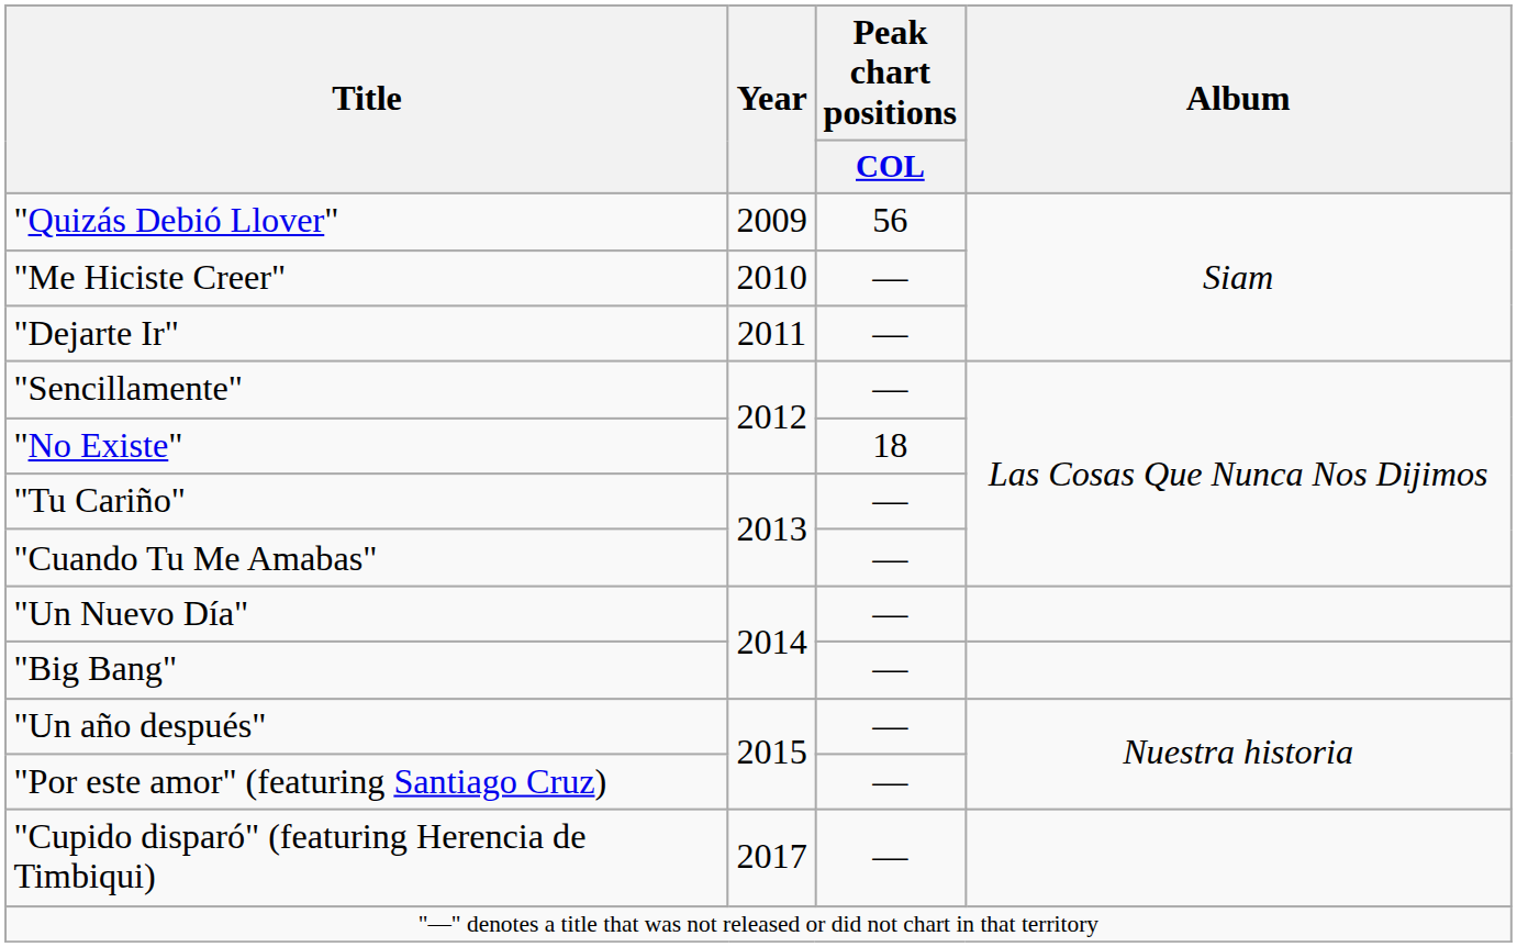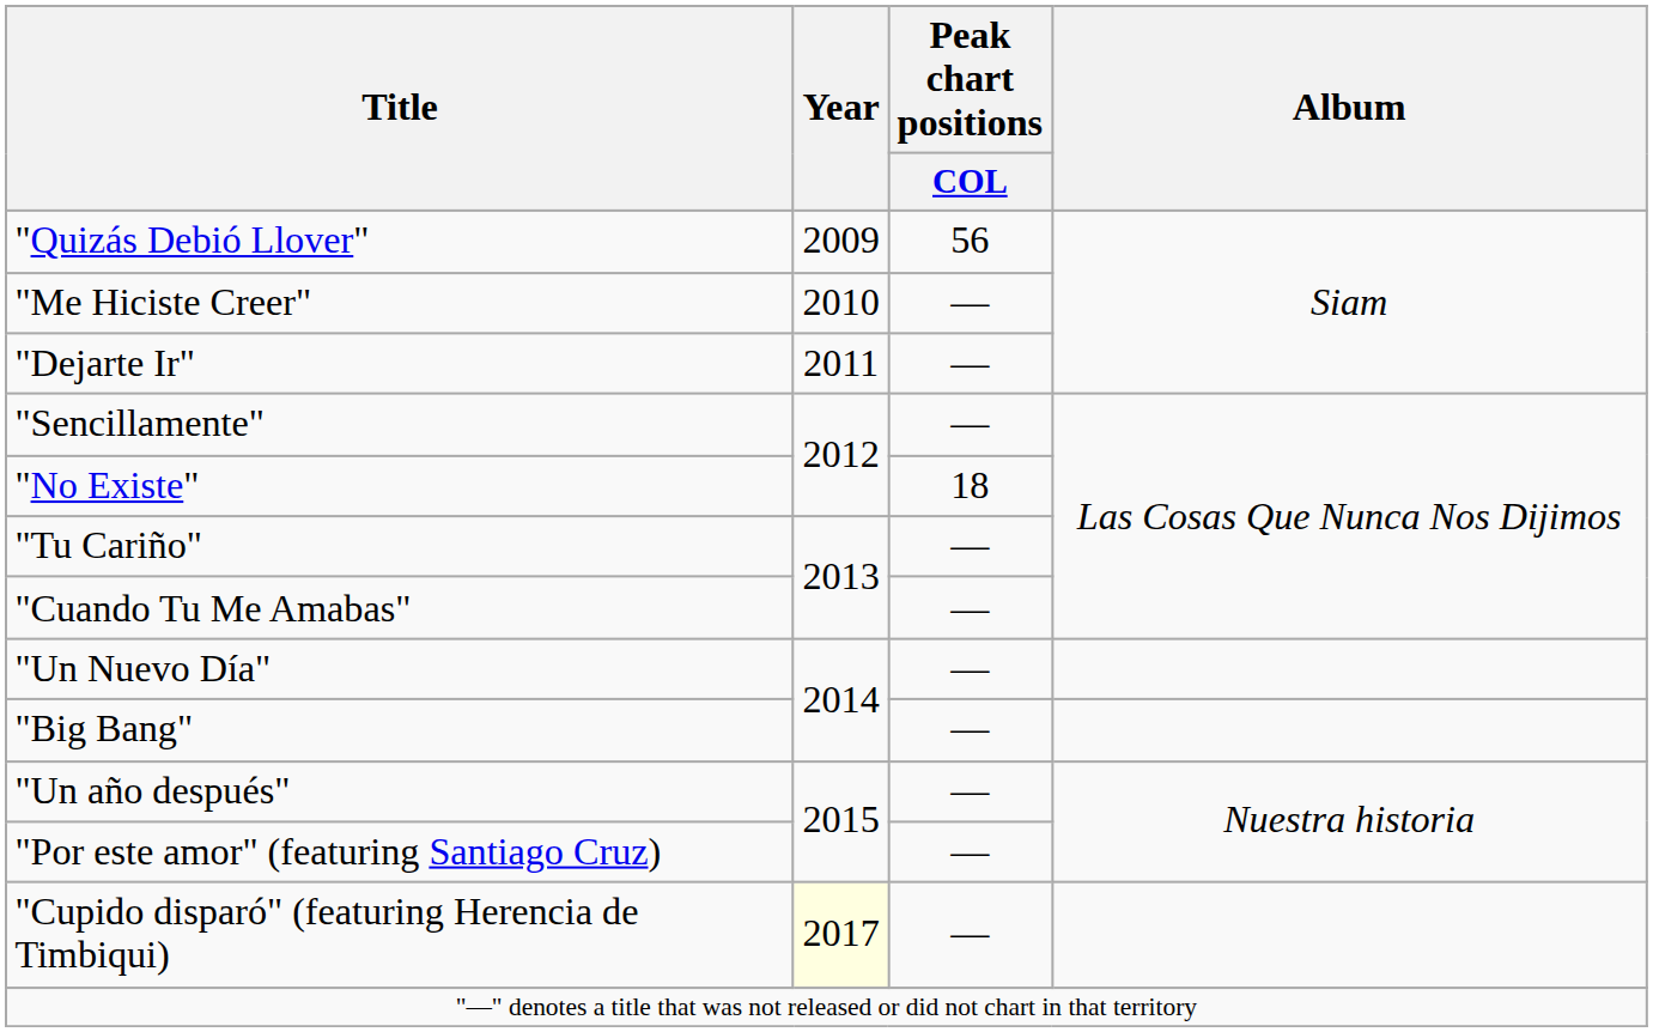 <table class="wikitable" style="text-align:center;" border="1">
 <tr>
 <th scope="col" rowspan="2" style="width:20em;">Title</th>
 <th scope="col" rowspan="2" style="width:2em;">Year</th>
 <th scope="col" colspan="1">Peak chart positions</th>
 <th scope="col" rowspan="2" style="width:15em;">Album</th>
 </tr>
 <tr>
 <th scope="col" style="width:3em;font-size:90%;"><a href='#'>COL</a><br></th>
 </tr>
 <tr>
 <td align="left">"<a href='#'>Quizás Debió Llover</a>"</td>
 <td>2009</td>
 <td align="center">56</td>
 <td rowspan="3"><em>Siam</em></td>
 </tr>
 <tr>
 <td align="left">"Me Hiciste Creer"</td>
 <td>2010</td>
 <td align="center">—</td>
 </tr>
 <tr>
 <td align="left">"Dejarte Ir"</td>
 <td>2011</td>
 <td align="center">—</td>
 </tr>
 <tr>
 <td align="left">"Sencillamente"</td>
 <td align="center" rowspan="2">2012</td>
 <td align="center">—</td>
 <td rowspan="4"><em>Las Cosas Que Nunca Nos Dijimos</em></td>
 </tr>
 <tr>
 <td align="left">"<a href='#'>No Existe</a>"</td>
 <td align="center">18</td>
 </tr>
 <tr>
 <td align="left">"Tu Cariño"</td>
 <td align="center" rowspan="2">2013</td>
 <td align="center">—</td>
 </tr>
 <tr>
 <td align="left">"Cuando Tu Me Amabas"</td>
 <td align="center">—</td>
 </tr>
 <tr>
 <td align="left">"Un Nuevo Día"</td>
 <td align="center" rowspan="2">2014</td>
 <td align="center">—</td>
 <td></td>
 </tr>
 <tr>
 <td align="left">"Big Bang"</td>
 <td align="center">—</td>
 <td></td>
 </tr>
 <tr>
 <td align="left">"Un año después"</td>
 <td align="center" rowspan="2">2015</td>
 <td align="center">—</td>
 <td rowspan="2"><em>Nuestra historia</em></td>
 </tr>
 <tr>
 <td align="left">"Por este amor" (featuring <a href='#'>Santiago Cruz</a>)</td>
 <td align="center">—</td>
 </tr>
 <tr>
 <td align="left">"Cupido disparó" (featuring Herencia de Timbiqui)</td>
-<td align="center">2017</td>
+<td align="center" style="background: lightyellow;">2017</td>
 <td align="center">—</td>
 <td></td>
 </tr>
 <tr>
 <td colspan="14" style="text-align:center; font-size:8pt;">"—" denotes a title that was not released or did not chart in that territory</td>
 </tr>
 </table>
